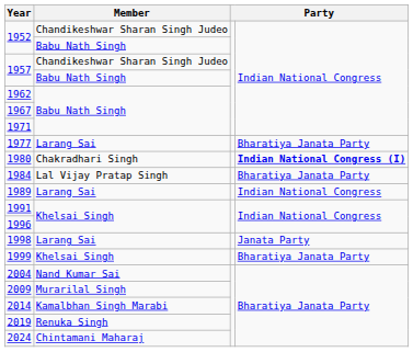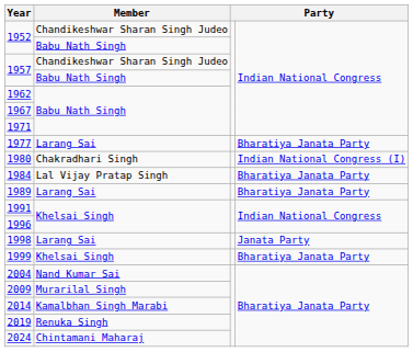 <table class="wikitable">
 <tr>
 <th>Year</th>
 <th>Member</th>
 <th colspan="2">Party</th>
 </tr>
 <tr>
 <td rowspan="2"><a href='#'>1952</a></td>
 <td>Chandikeshwar Sharan Singh Judeo</td>
 <td rowspan="7" style="background-color: "></td>
 <td rowspan="7"><a href='#'>Indian National Congress</a></td>
 </tr>
 <tr>
 <td><a href='#'>Babu Nath Singh</a></td>
 </tr>
 <tr>
 <td rowspan="2"><a href='#'>1957</a></td>
 <td>Chandikeshwar Sharan Singh Judeo</td>
 </tr>
 <tr>
 <td><a href='#'>Babu Nath Singh</a></td>
 </tr>
 <tr>
 <td><a href='#'>1962</a></td>
 <td rowspan="3"><a href='#'>Babu Nath Singh</a></td>
 </tr>
 <tr>
 <td><a href='#'>1967</a></td>
 </tr>
 <tr>
 <td><a href='#'>1971</a></td>
 </tr>
 <tr>
 <td><a href='#'>1977</a></td>
 <td><a href='#'>Larang Sai</a></td>
 <td style="background-color: "></td>
 <td><a href='#'>Bharatiya Janata Party</a></td>
 </tr>
 <tr>
 <td><a href='#'>1980</a></td>
 <td>Chakradhari Singh</td>
 <td style="background-color: "></td>
-<td><strong><a href='#'>Indian National Congress (I)</a></strong></td>
+<td><a href='#'>Indian National Congress (I)</a></td>
 </tr>
 <tr>
 <td><a href='#'>1984</a></td>
 <td>Lal Vijay Pratap Singh</td>
 <td style="background-color: "></td>
 <td><a href='#'>Bharatiya Janata Party</a></td>
 </tr>
 <tr>
 <td><a href='#'>1989</a></td>
 <td><a href='#'>Larang Sai</a></td>
 <td style="background-color: "></td>
-<td><a href='#'>Indian National Congress</a></td>
+<td><a href='#'>Bharatiya Janata Party</a></td>
 </tr>
 <tr>
 <td><a href='#'>1991</a></td>
 <td rowspan="2"><a href='#'>Khelsai Singh</a></td>
 <td rowspan="2" style="background-color: "></td>
 <td rowspan="2"><a href='#'>Indian National Congress</a></td>
 </tr>
 <tr>
 <td><a href='#'>1996</a></td>
 </tr>
 <tr>
 <td><a href='#'>1998</a></td>
 <td><a href='#'>Larang Sai</a></td>
 <td style="background-color: "></td>
 <td><a href='#'>Janata Party</a></td>
 </tr>
 <tr>
 <td><a href='#'>1999</a></td>
 <td><a href='#'>Khelsai Singh</a></td>
 <td style="background-color: "></td>
 <td><a href='#'>Bharatiya Janata Party</a></td>
 </tr>
 <tr>
 <td><a href='#'>2004</a></td>
 <td><a href='#'>Nand Kumar Sai</a></td>
 <td rowspan="5" style="background-color: "></td>
 <td rowspan="5"><a href='#'>Bharatiya Janata Party</a></td>
 </tr>
 <tr>
 <td><a href='#'>2009</a></td>
 <td><a href='#'>Murarilal Singh</a></td>
 </tr>
 <tr>
 <td><a href='#'>2014</a></td>
 <td><a href='#'>Kamalbhan Singh Marabi</a></td>
 </tr>
 <tr>
 <td><a href='#'>2019</a></td>
 <td><a href='#'>Renuka Singh</a></td>
 </tr>
 <tr>
 <td><a href='#'>2024</a></td>
 <td><a href='#'>Chintamani Maharaj</a></td>
 </tr>
 </table>
